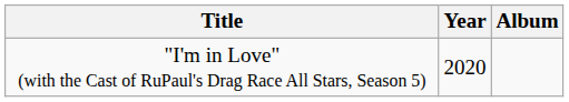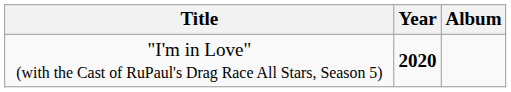 <table class="wikitable plainrowheaders" style="text-align:center;">
 <tr>
 <th style="width:20em;">Title</th>
 <th>Year</th>
 <th>Album</th>
 </tr>
 <tr>
 <td>"I'm in Love"<br><small>(with the Cast of RuPaul's Drag Race All Stars, Season 5)</small></td>
-<td>2020</td>
+<td><strong>2020</strong></td>
 <td></td>
 </tr>
 </table>
